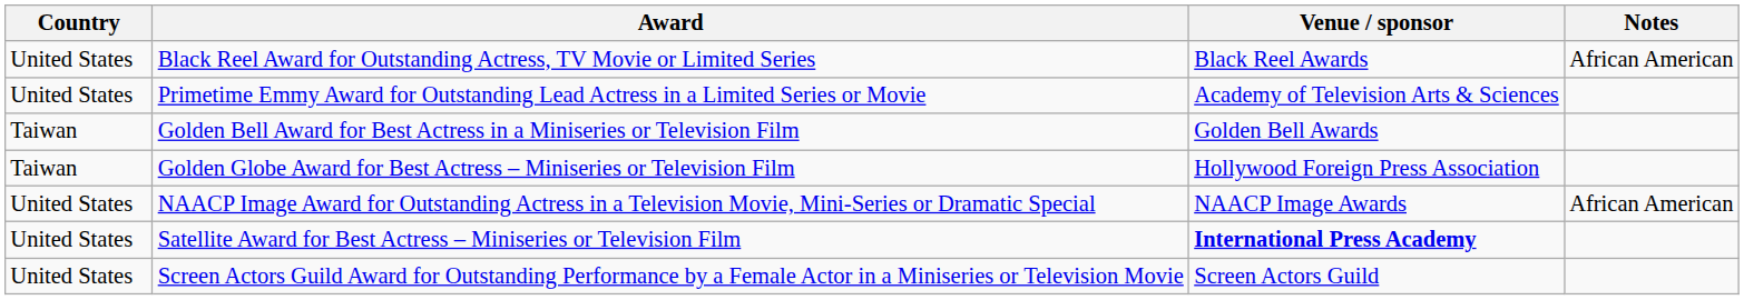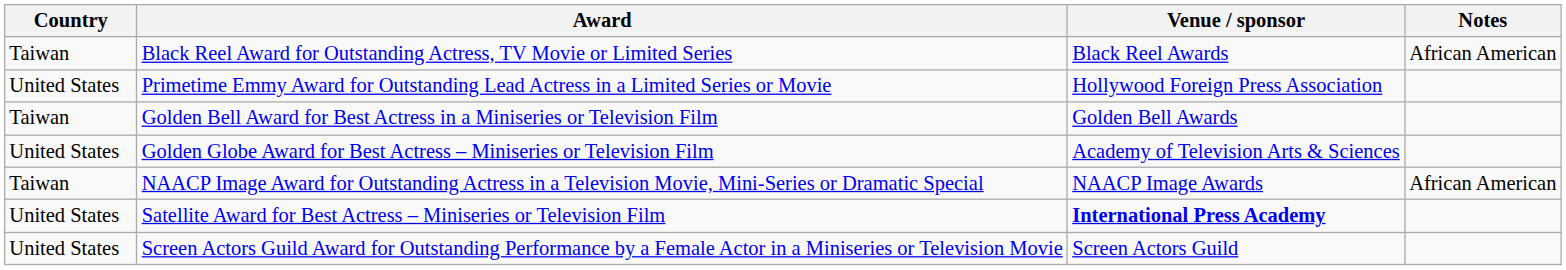 <table class="wikitable sortable">
 <tr>
 <th style="width:6em;">Country</th>
 <th>Award</th>
 <th>Venue / sponsor</th>
 <th>Notes</th>
 </tr>
 <tr>
-<td>United States</td>
+<td>Taiwan</td>
 <td><a href='#'>Black Reel Award for Outstanding Actress, TV Movie or Limited Series</a></td>
 <td><a href='#'>Black Reel Awards</a></td>
 <td>African American</td>
 </tr>
 <tr>
 <td>United States</td>
 <td><a href='#'>Primetime Emmy Award for Outstanding Lead Actress in a Limited Series or Movie</a></td>
-<td><a href='#'>Academy of Television Arts & Sciences</a></td>
+<td><a href='#'>Hollywood Foreign Press Association</a></td>
 <td></td>
 </tr>
 <tr>
 <td>Taiwan</td>
 <td><a href='#'>Golden Bell Award for Best Actress in a Miniseries or Television Film</a></td>
 <td><a href='#'>Golden Bell Awards</a></td>
 <td></td>
 </tr>
 <tr>
-<td>Taiwan</td>
+<td>United States</td>
 <td><a href='#'>Golden Globe Award for Best Actress – Miniseries or Television Film</a></td>
-<td><a href='#'>Hollywood Foreign Press Association</a></td>
+<td><a href='#'>Academy of Television Arts & Sciences</a></td>
 <td></td>
 </tr>
 <tr>
-<td>United States</td>
+<td>Taiwan</td>
 <td><a href='#'>NAACP Image Award for Outstanding Actress in a Television Movie, Mini-Series or Dramatic Special</a></td>
 <td><a href='#'>NAACP Image Awards</a></td>
 <td>African American</td>
 </tr>
 <tr>
 <td>United States</td>
 <td><a href='#'>Satellite Award for Best Actress – Miniseries or Television Film</a></td>
 <td><strong><a href='#'>International Press Academy</a></strong></td>
 <td></td>
 </tr>
 <tr>
 <td>United States</td>
 <td><a href='#'>Screen Actors Guild Award for Outstanding Performance by a Female Actor in a Miniseries or Television Movie</a></td>
 <td><a href='#'>Screen Actors Guild</a></td>
 <td></td>
 </tr>
 </table>
